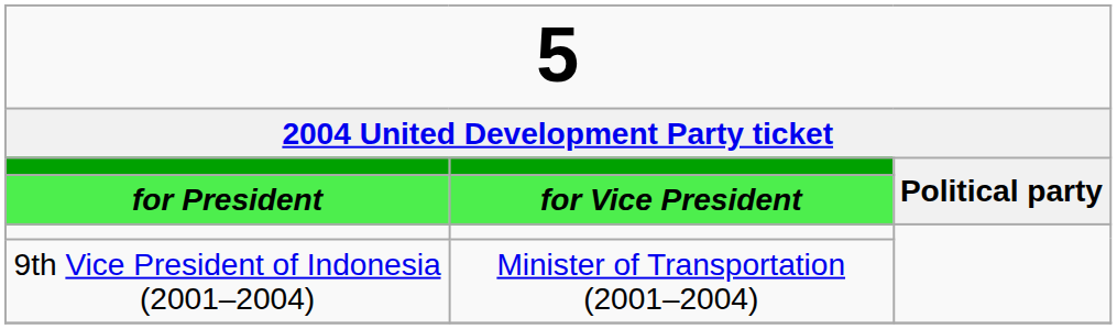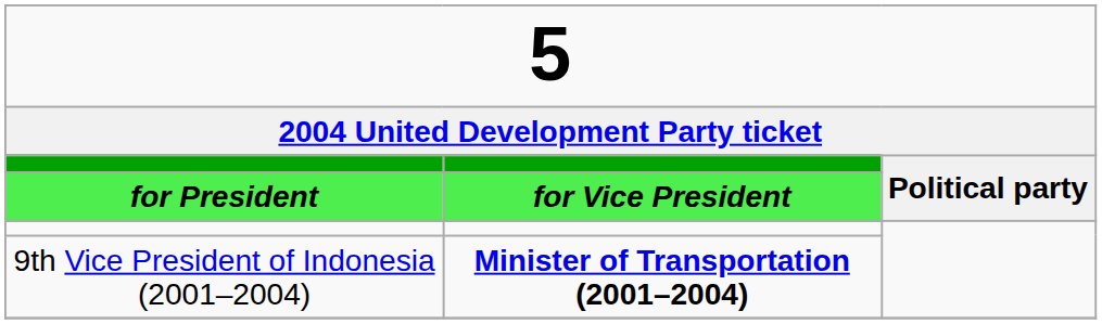 <table class="wikitable" style="font-size:90%; text-align:center">
 <tr>
 <td colspan=3 style="text-align:center;"><big><big><big><big><big><strong>5</strong></big></big></big></big></big></td>
 </tr>
 <tr>
 <td colspan=3 style="background:#f1f1f1;"><strong><a href='#'>2004 United Development Party ticket</a></strong></td>
 </tr>
 <tr>
 <th style="font-size:135%; background:#00A100;"><a href='#'></a></th>
 <th style="font-size:135%; background:#00A100;"><a href='#'></a></th>
 <td rowspan=2 style="background:#f1f1f1;"><strong>Political party</strong></td>
 </tr>
 <tr style="color:#000; font-size:100%;">
 <td style="width:3em; width:200px; background:#4DEE4D;"><strong><em>for President</em></strong></td>
 <td style="width:3em; width:200px; background:#4DEE4D;"><strong><em>for Vice President</em></strong></td>
 </tr>
 <tr>
 <td></td>
 <td></td>
 <td rowspan=2></td>
 </tr>
 <tr>
 <td>9th <a href='#'>Vice President of Indonesia</a> (2001–2004)</td>
-<td><a href='#'>Minister of Transportation</a> (2001–2004)</td>
+<td><strong><a href='#'>Minister of Transportation</a> (2001–2004)</strong></td>
 </tr>
 <tr>
 </tr>
 </table>
